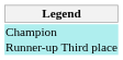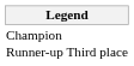 <table class="toccolours" style="float: right; font-size: 95%;">
 <tr>
 <th style="background-color: #F2F2F2; border: 1px solid #AAAAAA;">Legend</th>
 </tr>
 <tr>
-<td style="background: paleturquoise;"> Champion<br> Runner-up Third place</td>
+<td> Champion<br> Runner-up Third place</td>
 </tr>
 </table>
